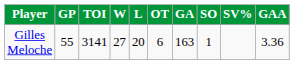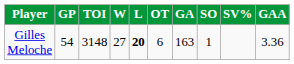 <table class="wikitable sortable" width="52%">
 <tr align="center"  bgcolor="#dddddd">
 <th style="color:white; background:#009639; ">Player</th>
 <th style="color:white; background:#009639; ">GP</th>
 <th style="color:white; background:#009639; ">TOI</th>
 <th style="color:white; background:#009639; ">W</th>
 <th style="color:white; background:#009639; ">L</th>
 <th style="color:white; background:#009639; ">OT</th>
 <th style="color:white; background:#009639; ">GA</th>
 <th style="color:white; background:#009639; ">SO</th>
 <th style="color:white; background:#009639; ">SV%</th>
 <th style="color:white; background:#009639; ">GAA</th>
 </tr>
 <tr align=center>
 <td><a href='#'>Gilles Meloche</a></td>
-<td>55</td>
-<td>3141</td>
+<td>54</td>
+<td>3148</td>
 <td>27</td>
-<td>20</td>
+<td><strong>20</strong></td>
 <td>6</td>
 <td>163</td>
 <td>1</td>
 <td></td>
 <td>3.36</td>
 </tr>
 </table>
